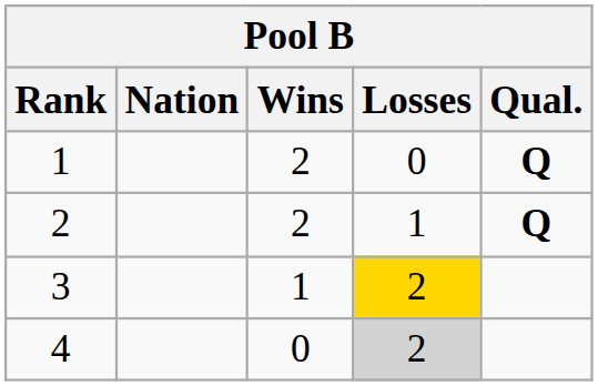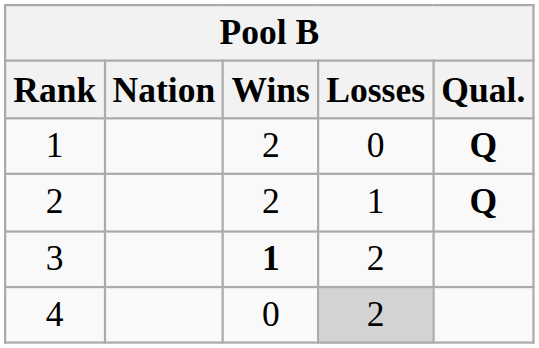 <table class="wikitable" style="text-align:center">
 <tr>
 <th colspan=5 align=center><strong>Pool B</strong></th>
 </tr>
 <tr>
 <th>Rank</th>
 <th>Nation</th>
 <th>Wins</th>
 <th>Losses</th>
 <th>Qual.</th>
 </tr>
 <tr>
 <td>1</td>
 <td align=left></td>
 <td>2</td>
 <td>0</td>
 <td><strong>Q</strong></td>
 </tr>
 <tr>
 <td>2</td>
 <td align=left></td>
 <td>2</td>
 <td>1</td>
 <td><strong>Q</strong></td>
 </tr>
 <tr>
 <td>3</td>
 <td align=left></td>
-<td>1</td>
-<td style="background: gold;">2</td>
+<td><strong>1</strong></td>
+<td>2</td>
 <td></td>
 </tr>
 <tr>
 <td>4</td>
 <td align=left></td>
 <td>0</td>
 <td style="background: lightgrey;">2</td>
 <td></td>
 </tr>
 </table>
